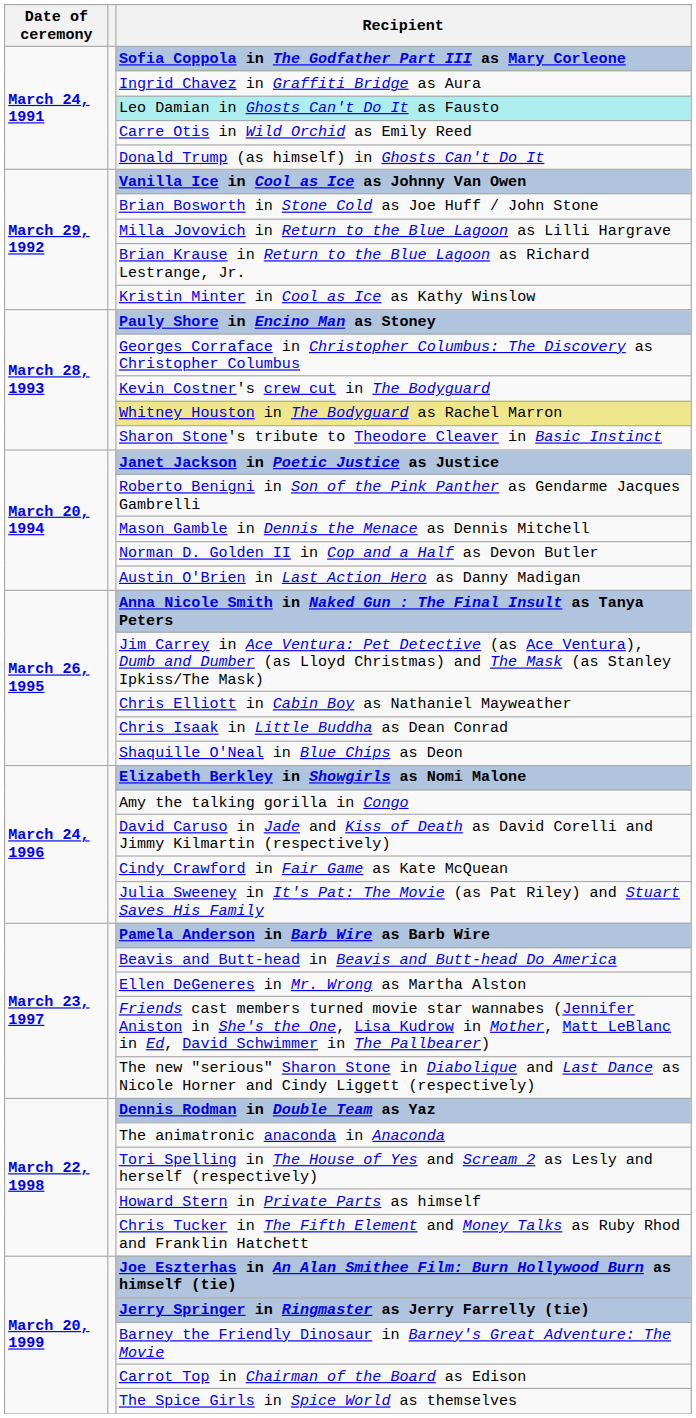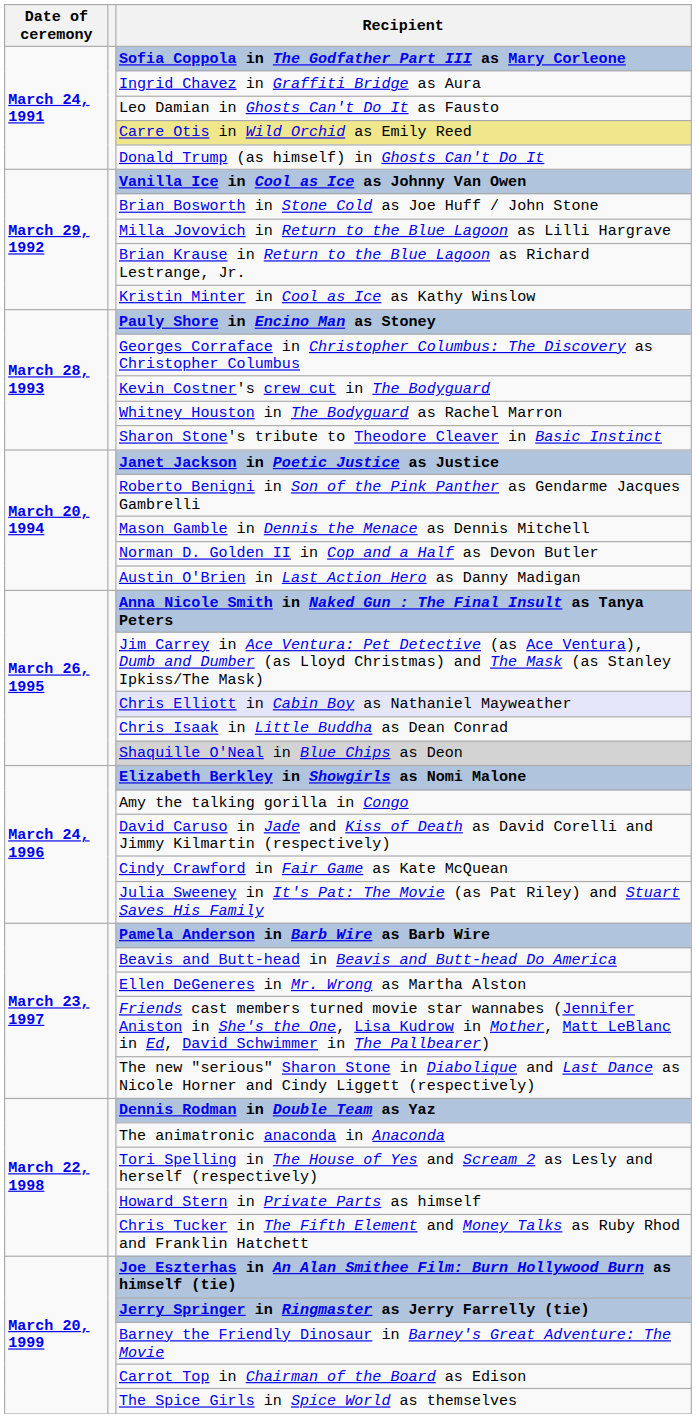 <table class="wikitable" width="95%">
 <tr>
 <th>Date of ceremony</th>
 <th></th>
 <th>Recipient</th>
 </tr>
 <tr>
 <td rowspan=5><strong><a href='#'>March 24, 1991</a></strong></td>
 <td rowspan=5></td>
 <td style="background:#B0C4DE;"><strong><a href='#'>Sofia Coppola</a> in <em><a href='#'>The Godfather Part III</a></em> as <a href='#'>Mary Corleone</a></strong></td>
 </tr>
 <tr>
 <td><a href='#'>Ingrid Chavez</a> in <em><a href='#'>Graffiti Bridge</a></em> as Aura</td>
 </tr>
 <tr>
-<td style="background: paleturquoise;">Leo Damian in <em><a href='#'>Ghosts Can't Do It</a></em> as Fausto</td>
+<td>Leo Damian in <em><a href='#'>Ghosts Can't Do It</a></em> as Fausto</td>
 </tr>
 <tr>
-<td><a href='#'>Carre Otis</a> in <em><a href='#'>Wild Orchid</a></em> as Emily Reed</td>
+<td style="background: khaki;"><a href='#'>Carre Otis</a> in <em><a href='#'>Wild Orchid</a></em> as Emily Reed</td>
 </tr>
 <tr>
 <td><a href='#'>Donald Trump</a> (as himself) in <em><a href='#'>Ghosts Can't Do It</a></em></td>
 </tr>
 <tr>
 <td rowspan=5><strong><a href='#'>March 29, 1992</a></strong></td>
 <td rowspan=5></td>
 <td style="background:#B0C4DE;"><strong><a href='#'>Vanilla Ice</a> in <em><a href='#'>Cool as Ice</a></em> as Johnny Van Owen</strong></td>
 </tr>
 <tr>
 <td><a href='#'>Brian Bosworth</a> in <em><a href='#'>Stone Cold</a></em> as Joe Huff / John Stone</td>
 </tr>
 <tr>
 <td><a href='#'>Milla Jovovich</a> in <em><a href='#'>Return to the Blue Lagoon</a></em> as Lilli Hargrave</td>
 </tr>
 <tr>
 <td><a href='#'>Brian Krause</a> in <em><a href='#'>Return to the Blue Lagoon</a></em> as Richard Lestrange, Jr.</td>
 </tr>
 <tr>
 <td><a href='#'>Kristin Minter</a> in <em><a href='#'>Cool as Ice</a></em> as Kathy Winslow</td>
 </tr>
 <tr>
 <td rowspan=5><strong><a href='#'>March 28, 1993</a></strong></td>
 <td rowspan=5></td>
 <td style="background:#B0C4DE;"><strong><a href='#'>Pauly Shore</a> in <em><a href='#'>Encino Man</a></em> as Stoney</strong></td>
 </tr>
 <tr>
 <td><a href='#'>Georges Corraface</a> in <em><a href='#'>Christopher Columbus: The Discovery</a></em> as <a href='#'>Christopher Columbus</a></td>
 </tr>
 <tr>
 <td><a href='#'>Kevin Costner</a>'s <a href='#'>crew cut</a> in <em><a href='#'>The Bodyguard</a></em></td>
 </tr>
 <tr>
-<td style="background: khaki;"><a href='#'>Whitney Houston</a> in <em><a href='#'>The Bodyguard</a></em> as Rachel Marron</td>
+<td><a href='#'>Whitney Houston</a> in <em><a href='#'>The Bodyguard</a></em> as Rachel Marron</td>
 </tr>
 <tr>
 <td><a href='#'>Sharon Stone</a>'s tribute to <a href='#'>Theodore Cleaver</a> in <em><a href='#'>Basic Instinct</a></em></td>
 </tr>
 <tr>
 <td rowspan=5><strong><a href='#'>March 20, 1994</a></strong></td>
 <td rowspan=5></td>
 <td style="background:#B0C4DE;"><strong><a href='#'>Janet Jackson</a> in <em><a href='#'>Poetic Justice</a></em> as Justice</strong></td>
 </tr>
 <tr>
 <td><a href='#'>Roberto Benigni</a> in <em><a href='#'>Son of the Pink Panther</a></em> as Gendarme Jacques Gambrelli</td>
 </tr>
 <tr>
 <td><a href='#'>Mason Gamble</a> in <em><a href='#'>Dennis the Menace</a></em> as Dennis Mitchell</td>
 </tr>
 <tr>
 <td><a href='#'>Norman D. Golden II</a> in <em><a href='#'>Cop and a Half</a></em> as Devon Butler</td>
 </tr>
 <tr>
 <td><a href='#'>Austin O'Brien</a> in <em><a href='#'>Last Action Hero</a></em> as Danny Madigan</td>
 </tr>
 <tr>
 <td rowspan=5><strong><a href='#'>March 26, 1995</a></strong></td>
 <td rowspan=5></td>
 <td style="background:#B0C4DE;"><strong><a href='#'>Anna Nicole Smith</a> in <em><a href='#'>Naked Gun : The Final Insult</a></em> as Tanya Peters</strong></td>
 </tr>
 <tr>
 <td><a href='#'>Jim Carrey</a> in <em><a href='#'>Ace Ventura: Pet Detective</a></em> (as <a href='#'>Ace Ventura</a>), <em><a href='#'>Dumb and Dumber</a></em> (as Lloyd Christmas) and <em><a href='#'>The Mask</a></em> (as Stanley Ipkiss/The Mask)</td>
 </tr>
 <tr>
-<td><a href='#'>Chris Elliott</a> in <em><a href='#'>Cabin Boy</a></em> as Nathaniel Mayweather</td>
+<td style="background: lavender;"><a href='#'>Chris Elliott</a> in <em><a href='#'>Cabin Boy</a></em> as Nathaniel Mayweather</td>
 </tr>
 <tr>
 <td><a href='#'>Chris Isaak</a> in <em><a href='#'>Little Buddha</a></em> as Dean Conrad</td>
 </tr>
 <tr>
-<td><a href='#'>Shaquille O'Neal</a> in <em><a href='#'>Blue Chips</a></em> as Deon</td>
+<td style="background: lightgrey;"><a href='#'>Shaquille O'Neal</a> in <em><a href='#'>Blue Chips</a></em> as Deon</td>
 </tr>
 <tr>
 <td rowspan=5><strong><a href='#'>March 24, 1996</a></strong></td>
 <td rowspan=5></td>
 <td style="background:#B0C4DE;"><strong><a href='#'>Elizabeth Berkley</a> in <em><a href='#'>Showgirls</a></em> as Nomi Malone</strong></td>
 </tr>
 <tr>
 <td>Amy the talking gorilla in <em><a href='#'>Congo</a></em></td>
 </tr>
 <tr>
 <td><a href='#'>David Caruso</a> in <em><a href='#'>Jade</a></em> and <em><a href='#'>Kiss of Death</a></em> as David Corelli and Jimmy Kilmartin (respectively)</td>
 </tr>
 <tr>
 <td><a href='#'>Cindy Crawford</a> in <em><a href='#'>Fair Game</a></em> as Kate McQuean</td>
 </tr>
 <tr>
 <td><a href='#'>Julia Sweeney</a> in <em><a href='#'>It's Pat: The Movie</a></em> (as Pat Riley) and <em><a href='#'>Stuart Saves His Family</a></em></td>
 </tr>
 <tr>
 <td rowspan=5><strong><a href='#'>March 23, 1997</a></strong></td>
 <td rowspan=5></td>
 <td style="background:#B0C4DE;"><strong><a href='#'>Pamela Anderson</a> in <em><a href='#'>Barb Wire</a></em> as Barb Wire</strong></td>
 </tr>
 <tr>
 <td><a href='#'>Beavis and Butt-head</a> in <em><a href='#'>Beavis and Butt-head Do America</a></em></td>
 </tr>
 <tr>
 <td><a href='#'>Ellen DeGeneres</a> in <em><a href='#'>Mr. Wrong</a></em> as Martha Alston</td>
 </tr>
 <tr>
 <td><em><a href='#'>Friends</a></em> cast members turned movie star wannabes (<a href='#'>Jennifer Aniston</a> in <em><a href='#'>She's the One</a></em>, <a href='#'>Lisa Kudrow</a> in <em><a href='#'>Mother</a></em>, <a href='#'>Matt LeBlanc</a> in <em><a href='#'>Ed</a></em>, <a href='#'>David Schwimmer</a> in <em><a href='#'>The Pallbearer</a></em>)</td>
 </tr>
 <tr>
 <td>The new "serious" <a href='#'>Sharon Stone</a> in <em><a href='#'>Diabolique</a></em> and <em><a href='#'>Last Dance</a></em> as Nicole Horner and Cindy Liggett (respectively)</td>
 </tr>
 <tr>
 <td rowspan=5><strong><a href='#'>March 22, 1998</a></strong></td>
 <td rowspan=5></td>
 <td style="background:#B0C4DE;"><strong><a href='#'>Dennis Rodman</a> in <em><a href='#'>Double Team</a></em> as Yaz</strong></td>
 </tr>
 <tr>
 <td>The animatronic <a href='#'>anaconda</a> in <em><a href='#'>Anaconda</a></em></td>
 </tr>
 <tr>
 <td><a href='#'>Tori Spelling</a> in <em><a href='#'>The House of Yes</a></em> and <em><a href='#'>Scream 2</a></em> as Lesly and herself (respectively)</td>
 </tr>
 <tr>
 <td><a href='#'>Howard Stern</a> in <em><a href='#'>Private Parts</a></em> as himself</td>
 </tr>
 <tr>
 <td><a href='#'>Chris Tucker</a> in <em><a href='#'>The Fifth Element</a></em> and <em><a href='#'>Money Talks</a></em> as Ruby Rhod and Franklin Hatchett</td>
 </tr>
 <tr>
 <td rowspan=5><strong><a href='#'>March 20, 1999</a></strong></td>
 <td rowspan=5></td>
 <td style="background:#B0C4DE;"><strong><a href='#'>Joe Eszterhas</a> in <em><a href='#'>An Alan Smithee Film: Burn Hollywood Burn</a></em> as himself (tie)</strong></td>
 </tr>
 <tr>
 <td style="background:#B0C4DE;"><strong><a href='#'>Jerry Springer</a> in <em><a href='#'>Ringmaster</a></em> as Jerry Farrelly (tie)</strong></td>
 </tr>
 <tr>
 <td><a href='#'>Barney the Friendly Dinosaur</a> in <em><a href='#'>Barney's Great Adventure: The Movie</a></em></td>
 </tr>
 <tr>
 <td><a href='#'>Carrot Top</a> in <em><a href='#'>Chairman of the Board</a></em> as Edison</td>
 </tr>
 <tr>
 <td><a href='#'>The Spice Girls</a> in <em><a href='#'>Spice World</a></em> as themselves</td>
 </tr>
 </table>
